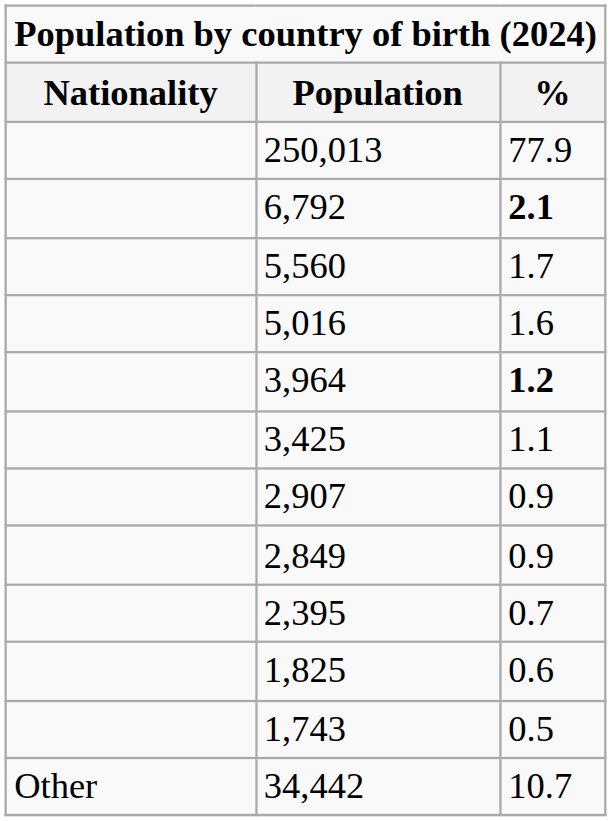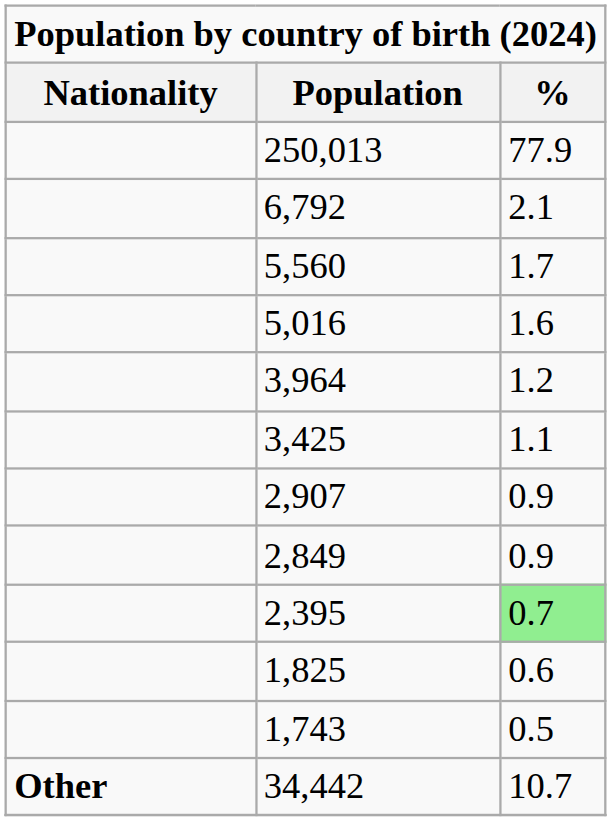 <table class="wikitable" style="float:right;">
 <tr>
 <td colspan="3"><strong>Population by country of birth (2024)</strong></td>
 </tr>
 <tr \>
 <th>Nationality</th>
 <th>Population</th>
 <th>%</th>
 </tr>
 <tr>
 <td></td>
 <td>250,013</td>
 <td>77.9</td>
 </tr>
 <tr>
 <td></td>
 <td>6,792</td>
-<td><strong>2.1</strong></td>
+<td>2.1</td>
 </tr>
 <tr>
 <td></td>
 <td>5,560</td>
 <td>1.7</td>
 </tr>
 <tr>
 <td></td>
 <td>5,016</td>
 <td>1.6</td>
 </tr>
 <tr>
 <td></td>
 <td>3,964</td>
-<td><strong>1.2</strong></td>
+<td>1.2</td>
 </tr>
 <tr>
 <td></td>
 <td>3,425</td>
 <td>1.1</td>
 </tr>
 <tr>
 <td></td>
 <td>2,907</td>
 <td>0.9</td>
 </tr>
 <tr>
 <td></td>
 <td>2,849</td>
 <td>0.9</td>
 </tr>
 <tr>
 <td></td>
 <td>2,395</td>
-<td>0.7</td>
+<td style="background: lightgreen;">0.7</td>
 </tr>
 <tr>
 <td></td>
 <td>1,825</td>
 <td>0.6</td>
 </tr>
 <tr>
 <td></td>
 <td>1,743</td>
 <td>0.5</td>
 </tr>
 <tr>
-<td>Other</td>
+<td><strong>Other</strong></td>
 <td>34,442</td>
 <td>10.7</td>
 </tr>
 <tr>
 </tr>
 </table>
